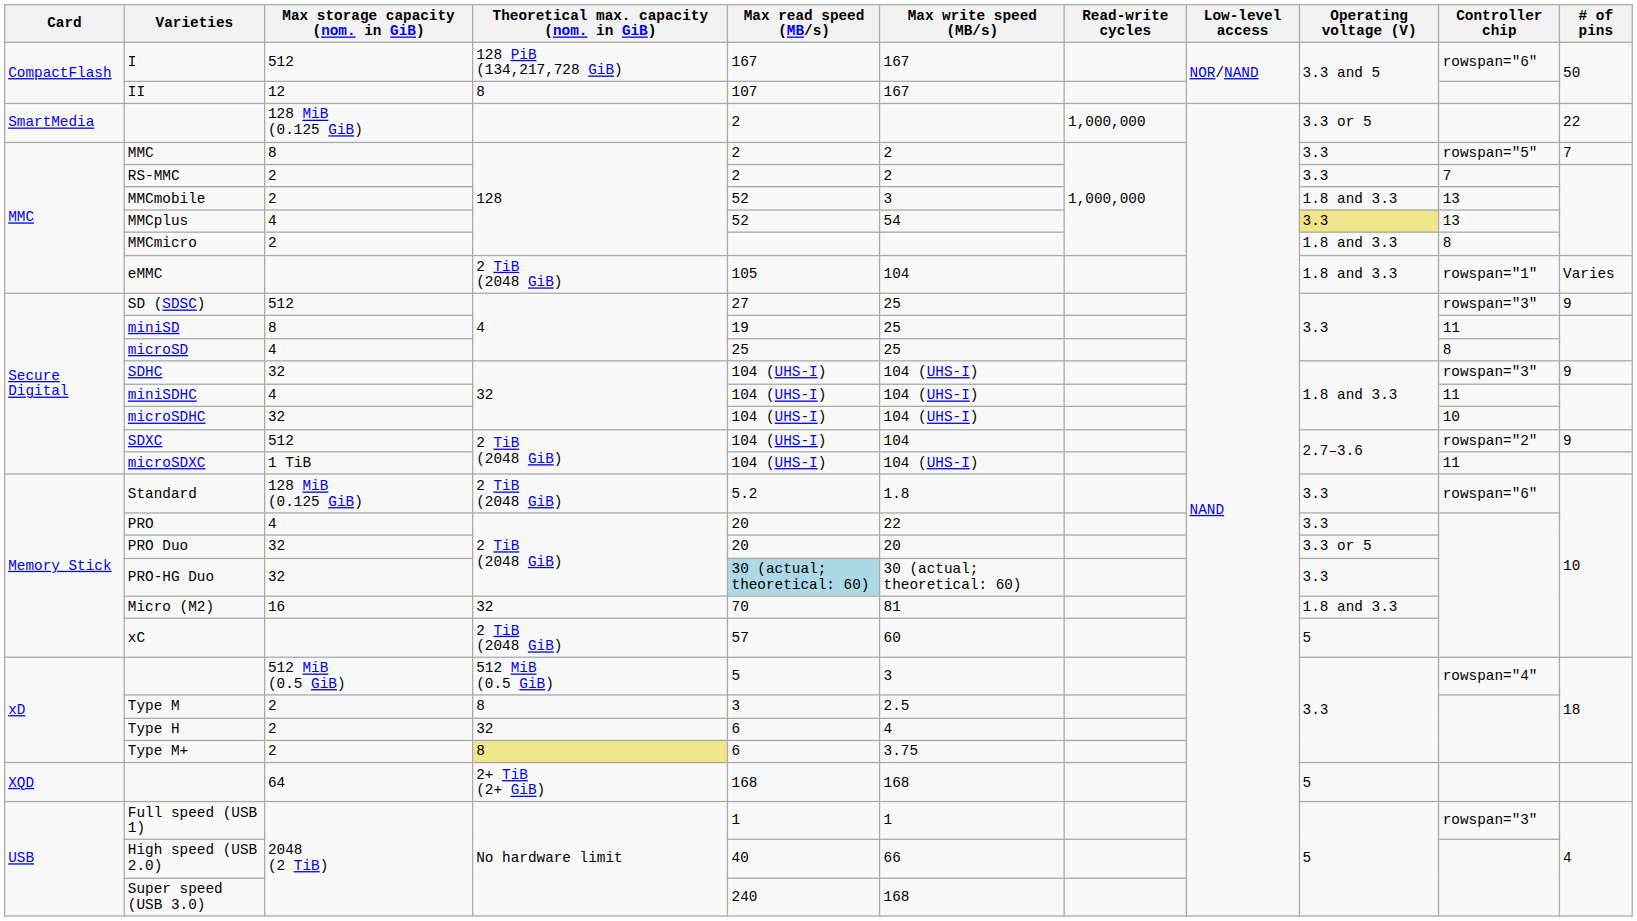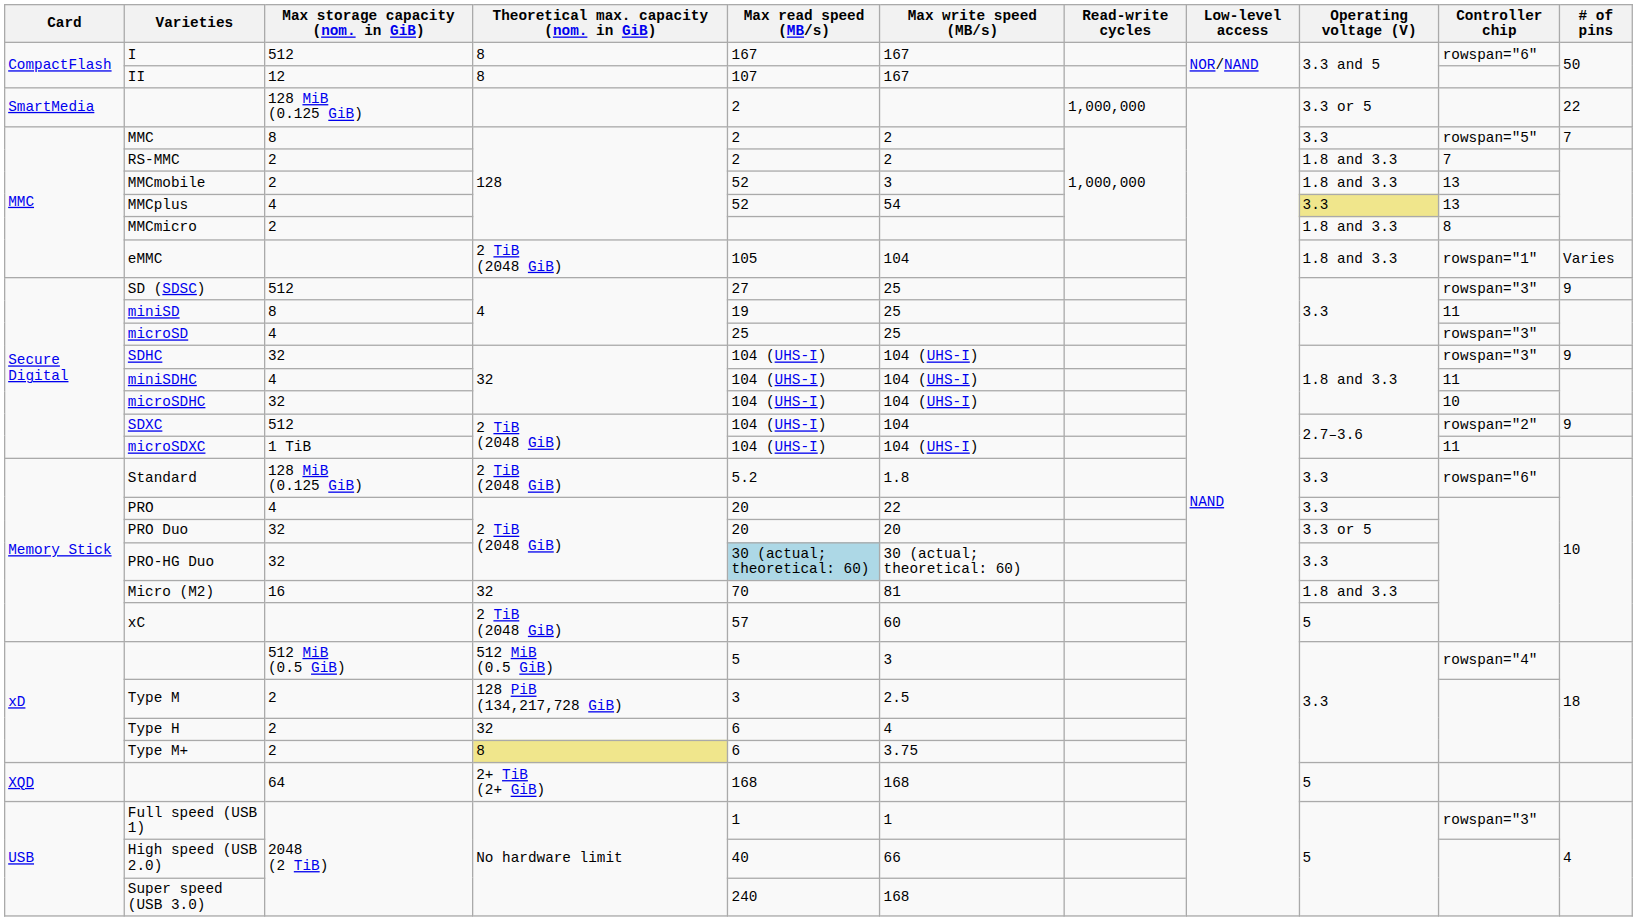 <table class="wikitable sortable sticky-header sort-under" style="font-size: 85%;">
 <tr>
 <th>Card</th>
 <th>Varieties</th>
 <th data-sort-type="number">Max storage capacity (<a href='#'>nom.</a> in <a href='#'>GiB</a>)</th>
 <th data-sort-type="number">Theoretical max. capacity (<a href='#'>nom.</a> in <a href='#'>GiB</a>)</th>
 <th data-sort-type="number">Max read speed (<a href='#'>MB</a>/s)</th>
 <th data-sort-type="number">Max write speed (MB/s)</th>
 <th>Read-write cycles</th>
 <th>Low-level access</th>
 <th>Operating voltage (V)</th>
 <th>Controller chip</th>
 <th># of pins</th>
 </tr>
 <tr>
 <td rowspan="2"><a href='#'>CompactFlash</a></td>
 <td>I</td>
 <td>512</td>
-<td data-sort-value="134217728">128 <a href='#'>PiB</a><br>(134,217,728 <a href='#'>GiB</a>)</td>
+<td>8</td>
 <td>167</td>
 <td>167</td>
 <td></td>
 <td rowspan="2"><a href='#'>NOR</a>/<a href='#'>NAND</a></td>
 <td rowspan="2">3.3 and 5</td>
 <td>rowspan="6" </td>
 <td rowspan="2">50</td>
 </tr>
 <tr>
 <td>II</td>
 <td>12</td>
 <td>8</td>
 <td>107</td>
 <td>167</td>
 <td></td>
 </tr>
 <tr>
 <td><a href='#'>SmartMedia</a></td>
 <td></td>
 <td data-sort-value="0.125">128 <a href='#'>MiB</a><br>(0.125 <a href='#'>GiB</a>)</td>
 <td></td>
 <td>2</td>
 <td></td>
 <td>1,000,000</td>
 <td rowspan="29"><a href='#'>NAND</a></td>
 <td>3.3 or 5</td>
 <td></td>
 <td>22</td>
 </tr>
 <tr>
 <td rowspan="6"><a href='#'>MMC</a></td>
 <td>MMC</td>
 <td>8</td>
 <td rowspan="5">128</td>
 <td>2</td>
 <td>2</td>
 <td rowspan="5">1,000,000</td>
 <td>3.3</td>
 <td>rowspan="5" </td>
 <td>7</td>
 </tr>
 <tr>
 <td>RS-MMC</td>
 <td>2</td>
 <td>2</td>
 <td>2</td>
-<td>3.3</td>
+<td>1.8 and 3.3</td>
 <td>7</td>
 </tr>
 <tr>
 <td>MMCmobile</td>
 <td>2</td>
 <td>52</td>
 <td>3</td>
 <td>1.8 and 3.3</td>
 <td>13</td>
 </tr>
 <tr>
 <td>MMCplus</td>
 <td>4</td>
 <td>52</td>
 <td>54</td>
 <td style="background: khaki;">3.3</td>
 <td>13</td>
 </tr>
 <tr>
 <td>MMCmicro</td>
 <td>2</td>
 <td></td>
 <td></td>
 <td>1.8 and 3.3</td>
 <td>8</td>
 </tr>
 <tr>
 <td>eMMC</td>
 <td></td>
 <td data-sort-value="2048">2 <a href='#'>TiB</a><br>(2048 <a href='#'>GiB</a>)</td>
 <td>105</td>
 <td>104</td>
 <td></td>
 <td>1.8 and 3.3</td>
 <td>rowspan="1" </td>
 <td>Varies</td>
 </tr>
 <tr>
 <td rowspan="8"><a href='#'>Secure Digital</a></td>
 <td>SD (<a href='#'>SDSC</a>)</td>
 <td>512</td>
 <td rowspan="3">4</td>
 <td>27</td>
 <td>25</td>
 <td></td>
 <td rowspan="3">3.3</td>
 <td>rowspan="3" </td>
 <td>9</td>
 </tr>
 <tr>
 <td><a href='#'>miniSD</a></td>
 <td>8</td>
 <td>19</td>
 <td>25</td>
 <td></td>
 <td>11</td>
 </tr>
 <tr>
 <td><a href='#'>microSD</a></td>
 <td>4</td>
 <td>25</td>
 <td>25</td>
 <td></td>
-<td>8</td>
+<td>rowspan="3" </td>
 </tr>
 <tr>
 <td><a href='#'>SDHC</a></td>
 <td>32</td>
 <td rowspan="3" data-sort-value="2048">32</td>
 <td>104 (<a href='#'>UHS-I</a>)</td>
 <td>104 (<a href='#'>UHS-I</a>)</td>
 <td></td>
 <td rowspan="3">1.8 and 3.3</td>
 <td>rowspan="3" </td>
 <td>9</td>
 </tr>
 <tr>
 <td><a href='#'>miniSDHC</a></td>
 <td>4</td>
 <td>104 (<a href='#'>UHS-I</a>)</td>
 <td>104 (<a href='#'>UHS-I</a>)</td>
 <td></td>
 <td>11</td>
 </tr>
 <tr>
 <td><a href='#'>microSDHC</a></td>
 <td>32</td>
 <td>104 (<a href='#'>UHS-I</a>)</td>
 <td>104 (<a href='#'>UHS-I</a>)</td>
 <td></td>
 <td>10</td>
 </tr>
 <tr>
 <td><a href='#'>SDXC</a></td>
 <td>512</td>
 <td rowspan="2" data-sort-value="2048">2 <a href='#'>TiB</a><br>(2048 <a href='#'>GiB</a>)</td>
 <td>104 (<a href='#'>UHS-I</a>)</td>
 <td>104</td>
 <td></td>
 <td rowspan="2">2.7–3.6</td>
 <td>rowspan="2" </td>
 <td>9</td>
 </tr>
 <tr>
 <td><a href='#'>microSDXC</a></td>
 <td>1 TiB </td>
 <td>104 (<a href='#'>UHS-I</a>)</td>
 <td>104 (<a href='#'>UHS-I</a>)</td>
 <td></td>
 <td>11</td>
 </tr>
 <tr>
 <td rowspan="6"><a href='#'>Memory Stick</a></td>
 <td>Standard</td>
 <td data-sort-value="0.125">128 <a href='#'>MiB</a><br>(0.125 <a href='#'>GiB</a>)</td>
 <td data-sort-value="2048">2 <a href='#'>TiB</a><br>(2048 <a href='#'>GiB</a>)</td>
 <td>5.2</td>
 <td>1.8</td>
 <td></td>
 <td>3.3</td>
 <td>rowspan="6" </td>
 <td rowspan="6">10</td>
 </tr>
 <tr>
 <td>PRO</td>
 <td>4</td>
 <td rowspan="3" data-sort-value="2048">2 <a href='#'>TiB</a><br>(2048 <a href='#'>GiB</a>)</td>
 <td>20</td>
 <td>22</td>
 <td></td>
 <td>3.3</td>
 </tr>
 <tr>
 <td>PRO Duo</td>
 <td>32</td>
 <td>20</td>
 <td>20</td>
 <td></td>
 <td>3.3 or 5</td>
 </tr>
 <tr>
 <td>PRO-HG Duo</td>
 <td>32</td>
 <td style="background: lightblue;">30 (actual;<br> theoretical: 60)</td>
 <td>30 (actual; theoretical: 60)</td>
 <td></td>
 <td>3.3</td>
 </tr>
 <tr>
 <td>Micro (M2)</td>
 <td>16</td>
 <td>32</td>
 <td>70</td>
 <td>81</td>
 <td></td>
 <td>1.8 and 3.3</td>
 </tr>
 <tr>
 <td>xC</td>
 <td></td>
 <td data-sort-value="2048">2 <a href='#'>TiB</a><br>(2048 <a href='#'>GiB</a>)</td>
 <td>57</td>
 <td>60</td>
 <td></td>
 <td>5</td>
 </tr>
 <tr>
 <td rowspan="4"><a href='#'>xD</a></td>
 <td></td>
 <td data-sort-value="0.5">512 <a href='#'>MiB</a><br>(0.5 <a href='#'>GiB</a>)</td>
 <td data-sort-value="0.5">512 <a href='#'>MiB</a><br>(0.5 <a href='#'>GiB</a>)</td>
 <td>5</td>
 <td>3</td>
 <td></td>
 <td rowspan="4">3.3</td>
 <td>rowspan="4" </td>
 <td rowspan="4">18</td>
 </tr>
 <tr>
 <td>Type M</td>
 <td>2</td>
-<td>8</td>
+<td data-sort-value="134217728">128 <a href='#'>PiB</a><br>(134,217,728 <a href='#'>GiB</a>)</td>
 <td>3</td>
 <td>2.5</td>
 <td></td>
 </tr>
 <tr>
 <td>Type H</td>
 <td>2</td>
 <td>32</td>
 <td>6</td>
 <td>4</td>
 <td></td>
 </tr>
 <tr>
 <td>Type M+</td>
 <td>2</td>
 <td style="background: khaki;">8</td>
 <td>6</td>
 <td>3.75</td>
 <td></td>
 </tr>
 <tr>
 <td><a href='#'>XQD</a></td>
 <td></td>
 <td>64</td>
 <td data-sort-value="2.001">2+ <a href='#'>TiB</a><br>(2+ <a href='#'>GiB</a>)</td>
 <td>168</td>
 <td>168</td>
 <td></td>
 <td>5</td>
 <td></td>
 <td></td>
 </tr>
 <tr>
 <td rowspan="3"><a href='#'>USB</a></td>
 <td>Full speed (USB 1)</td>
 <td rowspan="3">2048<br>(2 <a href='#'>TiB</a>)</td>
 <td rowspan="3">No hardware limit</td>
 <td>1</td>
 <td>1</td>
 <td></td>
 <td rowspan="3">5</td>
 <td>rowspan="3" </td>
 <td rowspan="3">4</td>
 </tr>
 <tr>
 <td>High speed (USB 2.0)</td>
 <td>40</td>
 <td>66</td>
 <td></td>
 </tr>
 <tr>
 <td>Super speed (USB 3.0)</td>
 <td>240</td>
 <td>168</td>
 <td></td>
 </tr>
 </table>
